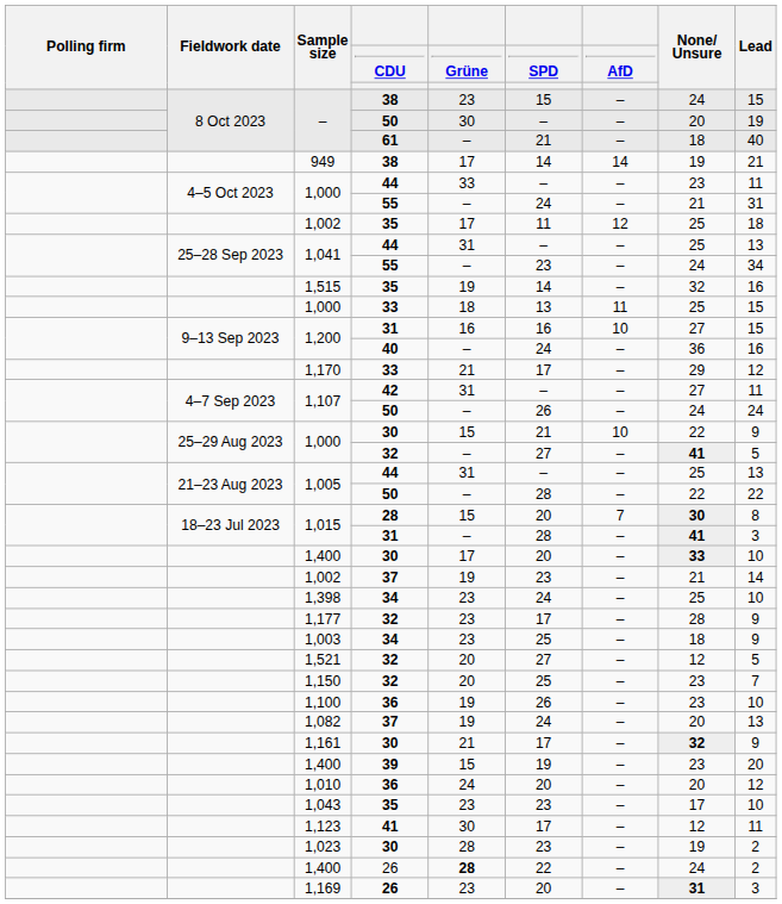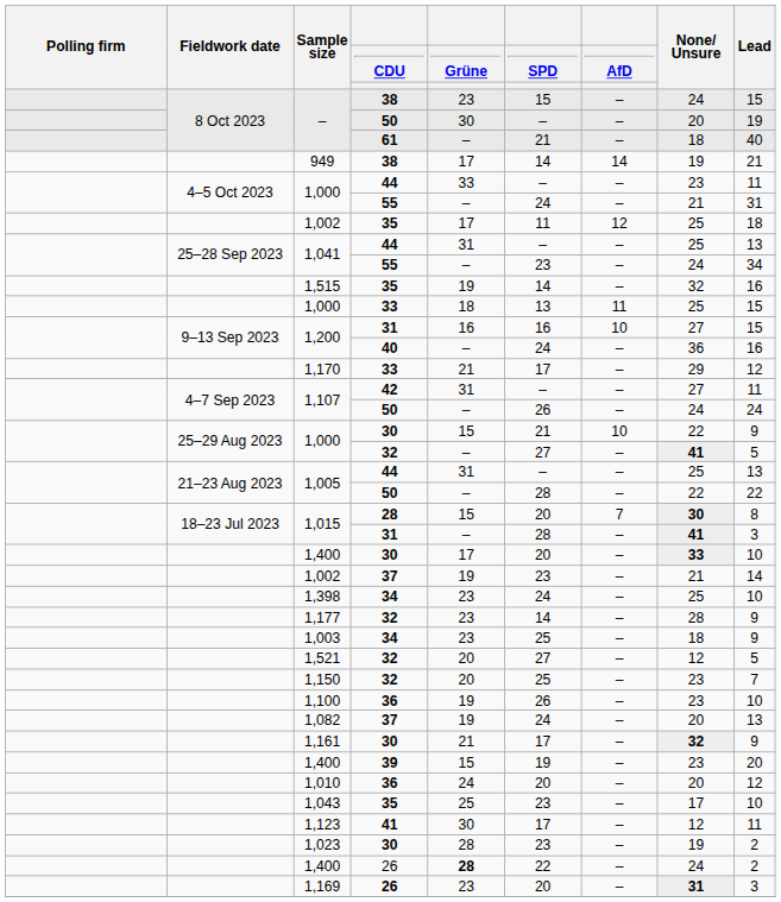 <table class="wikitable sortable" style="text-align:center;font-size:90%;line-height:14px;">
 <tr style="height:40px;">
 <th style="width:155px;" rowspan="3">Polling firm</th>
 <th style="width:120px;" rowspan="3">Fieldwork date</th>
 <th style="width:35px;" rowspan="3">Sample<br>size</th>
 <th class="unsortable" style="width:70px;"></th>
 <th class="unsortable" style="width:70px;"></th>
 <th class="unsortable" style="width:70px;"></th>
 <th class="unsortable" style="width:70px;"></th>
 <th class="unsortable" style="width:70px;" rowspan="3">None/<br>Unsure</th>
 <th style="width:30px;" rowspan="3">Lead</th>
 </tr>
 <tr>
 <th class="unsortable" style="width:40px;"><hr><a href='#'>CDU</a></th>
 <th class="unsortable" style="width:40px;"><hr><a href='#'>Grüne</a></th>
 <th class="unsortable" style="width:40px;"><hr><a href='#'>SPD</a></th>
 <th class="unsortable" style="width:40px;"><hr><a href='#'>AfD</a></th>
 </tr>
 <tr>
 <th style="background: "></th>
 <th style="background: "></th>
 <th style="background: "></th>
 <th style="background: "></th>
 </tr>
 <tr style="background:#E9E9E9;">
 <td></td>
 <td rowspan=3>8 Oct 2023</td>
 <td rowspan=3>–</td>
 <td><strong>38</strong></td>
 <td>23</td>
 <td>15</td>
 <td>–</td>
 <td>24</td>
 <td style="background: ">15</td>
 </tr>
 <tr style="background:#E9E9E9;">
 <td></td>
 <td><strong>50</strong></td>
 <td>30</td>
 <td>–</td>
 <td>–</td>
 <td>20</td>
 <td style="background: ">19</td>
 </tr>
 <tr style="background:#E9E9E9;">
 <td></td>
 <td><strong>61</strong></td>
 <td>–</td>
 <td>21</td>
 <td>–</td>
 <td>18</td>
 <td style="background: ">40</td>
 </tr>
 <tr>
 <td></td>
 <td></td>
 <td>949</td>
 <td><strong>38</strong></td>
 <td>17</td>
 <td>14</td>
 <td>14</td>
 <td>19</td>
 <td style="background: ">21</td>
 </tr>
 <tr>
 <td rowspan=2></td>
 <td rowspan=2>4–5 Oct 2023</td>
 <td rowspan=2>1,000</td>
 <td><strong>44</strong></td>
 <td>33</td>
 <td>–</td>
 <td>–</td>
 <td>23</td>
 <td style="background: ">11</td>
 </tr>
 <tr>
 <td><strong>55</strong></td>
 <td>–</td>
 <td>24</td>
 <td>–</td>
 <td>21</td>
 <td style="background: ">31</td>
 </tr>
 <tr>
 <td></td>
 <td></td>
 <td>1,002</td>
 <td><strong>35</strong></td>
 <td>17</td>
 <td>11</td>
 <td>12</td>
 <td>25</td>
 <td style="background: ">18</td>
 </tr>
 <tr>
 <td rowspan=2></td>
 <td rowspan=2>25–28 Sep 2023</td>
 <td rowspan=2>1,041</td>
 <td><strong>44</strong></td>
 <td>31</td>
 <td>–</td>
 <td>–</td>
 <td>25</td>
 <td style="background: ">13</td>
 </tr>
 <tr>
 <td><strong>55</strong></td>
 <td>–</td>
 <td>23</td>
 <td>–</td>
 <td>24</td>
 <td style="background: ">34</td>
 </tr>
 <tr>
 <td></td>
 <td></td>
 <td>1,515</td>
 <td><strong>35</strong></td>
 <td>19</td>
 <td>14</td>
 <td>–</td>
 <td>32</td>
 <td style="background: ">16</td>
 </tr>
 <tr>
 <td></td>
 <td></td>
 <td>1,000</td>
 <td><strong>33</strong></td>
 <td>18</td>
 <td>13</td>
 <td>11</td>
 <td>25</td>
 <td style="background: ">15</td>
 </tr>
 <tr>
 <td rowspan=2></td>
 <td rowspan=2>9–13 Sep 2023</td>
 <td rowspan=2>1,200</td>
 <td><strong>31</strong></td>
 <td>16</td>
 <td>16</td>
 <td>10</td>
 <td>27</td>
 <td style="background: ">15</td>
 </tr>
 <tr>
 <td><strong>40</strong></td>
 <td>–</td>
 <td>24</td>
 <td>–</td>
 <td>36</td>
 <td style="background: ">16</td>
 </tr>
 <tr>
 <td></td>
 <td></td>
 <td>1,170</td>
 <td><strong>33</strong></td>
 <td>21</td>
 <td>17</td>
 <td>–</td>
 <td>29</td>
 <td style="background: ">12</td>
 </tr>
 <tr>
 <td rowspan=2></td>
 <td rowspan=2>4–7 Sep 2023</td>
 <td rowspan=2>1,107</td>
 <td><strong>42</strong></td>
 <td>31</td>
 <td>–</td>
 <td>–</td>
 <td>27</td>
 <td style="background: ">11</td>
 </tr>
 <tr>
 <td><strong>50</strong></td>
 <td>–</td>
 <td>26</td>
 <td>–</td>
 <td>24</td>
 <td style="background: ">24</td>
 </tr>
 <tr>
 <td rowspan=2></td>
 <td rowspan=2>25–29 Aug 2023</td>
 <td rowspan=2>1,000</td>
 <td><strong>30</strong></td>
 <td>15</td>
 <td>21</td>
 <td>10</td>
 <td>22</td>
 <td style="background: ">9</td>
 </tr>
 <tr>
 <td><strong>32</strong></td>
 <td>–</td>
 <td>27</td>
 <td>–</td>
 <td style="background:#EEEEEE;"><strong>41</strong></td>
 <td style="background: ">5</td>
 </tr>
 <tr>
 <td rowspan=2></td>
 <td rowspan=2>21–23 Aug 2023</td>
 <td rowspan=2>1,005</td>
 <td><strong>44</strong></td>
 <td>31</td>
 <td>–</td>
 <td>–</td>
 <td>25</td>
 <td style="background: ">13</td>
 </tr>
 <tr>
 <td><strong>50</strong></td>
 <td>–</td>
 <td>28</td>
 <td>–</td>
 <td>22</td>
 <td style="background: ">22</td>
 </tr>
 <tr>
 <td rowspan=2></td>
 <td rowspan=2>18–23 Jul 2023</td>
 <td rowspan=2>1,015</td>
 <td><strong>28</strong></td>
 <td>15</td>
 <td>20</td>
 <td>7</td>
 <td style="background:#EEEEEE;"><strong>30</strong></td>
 <td style="background: ">8</td>
 </tr>
 <tr>
 <td><strong>31</strong></td>
 <td>–</td>
 <td>28</td>
 <td>–</td>
 <td style="background:#EEEEEE;"><strong>41</strong></td>
 <td style="background: ">3</td>
 </tr>
 <tr>
 <td></td>
 <td></td>
 <td>1,400</td>
 <td><strong>30</strong></td>
 <td>17</td>
 <td>20</td>
 <td>–</td>
 <td style="background:#EEEEEE;"><strong>33</strong></td>
 <td style="background: ">10</td>
 </tr>
 <tr>
 <td></td>
 <td></td>
 <td>1,002</td>
 <td><strong>37</strong></td>
 <td>19</td>
 <td>23</td>
 <td>–</td>
 <td>21</td>
 <td style="background: ">14</td>
 </tr>
 <tr>
 <td></td>
 <td></td>
 <td>1,398</td>
 <td><strong>34</strong></td>
 <td>23</td>
 <td>24</td>
 <td>–</td>
 <td>25</td>
 <td style="background: ">10</td>
 </tr>
 <tr>
 <td></td>
 <td></td>
 <td>1,177</td>
 <td><strong>32</strong></td>
 <td>23</td>
-<td>17</td>
+<td>14</td>
 <td>–</td>
 <td>28</td>
 <td style="background: ">9</td>
 </tr>
 <tr>
 <td></td>
 <td></td>
 <td>1,003</td>
 <td><strong>34</strong></td>
 <td>23</td>
 <td>25</td>
 <td>–</td>
 <td>18</td>
 <td style="background: ">9</td>
 </tr>
 <tr>
 <td></td>
 <td></td>
 <td>1,521</td>
 <td><strong>32</strong></td>
 <td>20</td>
 <td>27</td>
 <td>–</td>
 <td>12</td>
 <td style="background: ">5</td>
 </tr>
 <tr>
 <td></td>
 <td></td>
 <td>1,150</td>
 <td><strong>32</strong></td>
 <td>20</td>
 <td>25</td>
 <td>–</td>
 <td>23</td>
 <td style="background: ">7</td>
 </tr>
 <tr>
 <td></td>
 <td></td>
 <td>1,100</td>
 <td><strong>36</strong></td>
 <td>19</td>
 <td>26</td>
 <td>–</td>
 <td>23</td>
 <td style="background: ">10</td>
 </tr>
 <tr>
 <td></td>
 <td></td>
 <td>1,082</td>
 <td><strong>37</strong></td>
 <td>19</td>
 <td>24</td>
 <td>–</td>
 <td>20</td>
 <td style="background: ">13</td>
 </tr>
 <tr>
 <td></td>
 <td></td>
 <td>1,161</td>
 <td><strong>30</strong></td>
 <td>21</td>
 <td>17</td>
 <td>–</td>
 <td style="background: #EEEEEE;"><strong>32</strong></td>
 <td style="background: ">9</td>
 </tr>
 <tr>
 <td></td>
 <td></td>
 <td>1,400</td>
 <td><strong>39</strong></td>
 <td>15</td>
 <td>19</td>
 <td>–</td>
 <td>23</td>
 <td style="background: ">20</td>
 </tr>
 <tr>
 <td></td>
 <td></td>
 <td>1,010</td>
 <td><strong>36</strong></td>
 <td>24</td>
 <td>20</td>
 <td>–</td>
 <td>20</td>
 <td style="background: ">12</td>
 </tr>
 <tr>
 <td></td>
 <td></td>
 <td>1,043</td>
 <td><strong>35</strong></td>
-<td>23</td>
+<td>25</td>
 <td>23</td>
 <td>–</td>
 <td>17</td>
 <td style="background: ">10</td>
 </tr>
 <tr>
 <td></td>
 <td></td>
 <td>1,123</td>
 <td><strong>41</strong></td>
 <td>30</td>
 <td>17</td>
 <td>–</td>
 <td>12</td>
 <td style="background: ">11</td>
 </tr>
 <tr>
 <td></td>
 <td></td>
 <td>1,023</td>
 <td><strong>30</strong></td>
 <td>28</td>
 <td>23</td>
 <td>–</td>
 <td>19</td>
 <td style="background: ">2</td>
 </tr>
 <tr>
 <td></td>
 <td></td>
 <td>1,400</td>
 <td>26</td>
 <td><strong>28</strong></td>
 <td>22</td>
 <td>–</td>
 <td>24</td>
 <td style="background: ">2</td>
 </tr>
 <tr>
 <td></td>
 <td></td>
 <td>1,169</td>
 <td><strong>26</strong></td>
 <td>23</td>
 <td>20</td>
 <td>–</td>
 <td style="background: #EEEEEE;"><strong>31</strong></td>
 <td style="background: ">3</td>
 </tr>
 <tr>
 </tr>
 </table>
